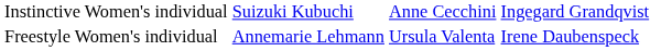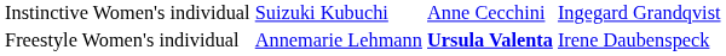 <table>
 <tr>
 <td>Instinctive Women's individual<br></td>
 <td> <a href='#'>Suizuki Kubuchi</a></td>
 <td> <a href='#'>Anne Cecchini</a></td>
 <td> <a href='#'>Ingegard Grandqvist</a></td>
 </tr>
 <tr>
 <td>Freestyle Women's individual<br></td>
 <td> <a href='#'>Annemarie Lehmann</a></td>
-<td> <a href='#'>Ursula Valenta</a></td>
+<td><strong> <a href='#'>Ursula Valenta</a></strong></td>
 <td> <a href='#'>Irene Daubenspeck</a></td>
 </tr>
 </table>
